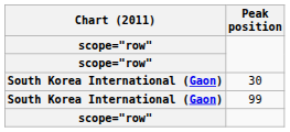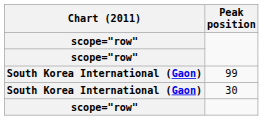 <table class="wikitable sortable plainrowheaders">
 <tr>
 <th scope="col">Chart (2011)</th>
 <th scope="col">Peak<br>position</th>
 </tr>
 <tr>
 <th>scope="row" </th>
 </tr>
 <tr>
 <th>scope="row" </th>
 </tr>
 <tr>
+<th scope="row">South Korea International (<a href='#'>Gaon</a>)</th>
+<td style="text-align:center;">99</td>
+</tr>
+<tr>
 <th scope="row">South Korea International (<a href='#'>Gaon</a>)<br><em></em></th>
 <td style="text-align:center;">30</td>
-</tr>
-<tr>
-<th scope="row">South Korea International (<a href='#'>Gaon</a>)</th>
-<td style="text-align:center;">99</td>
 </tr>
 <tr>
 <th>scope="row" </th>
 </tr>
 </table>
